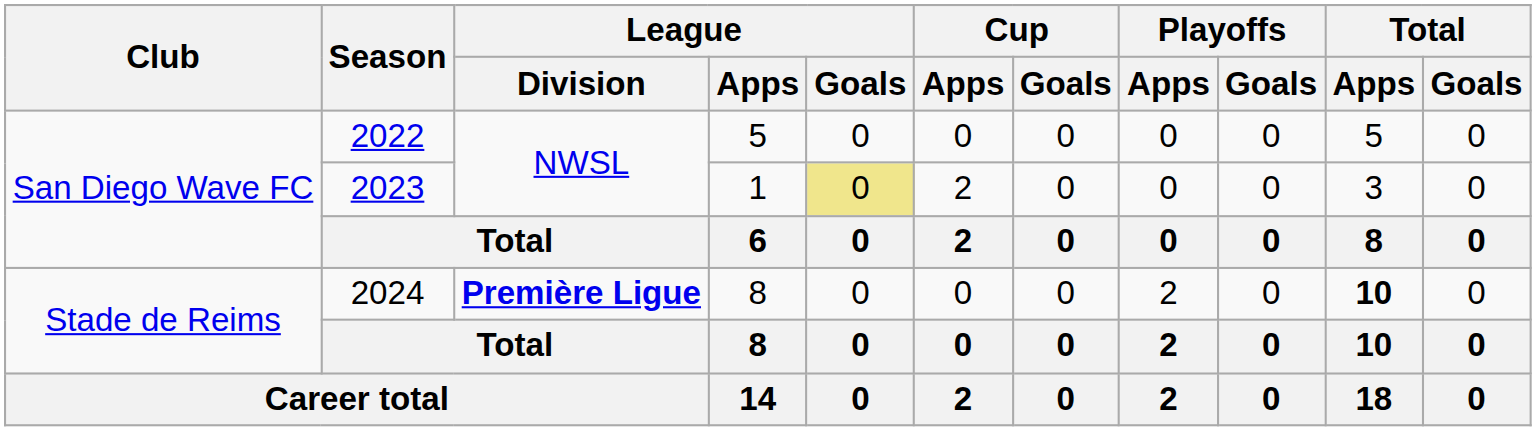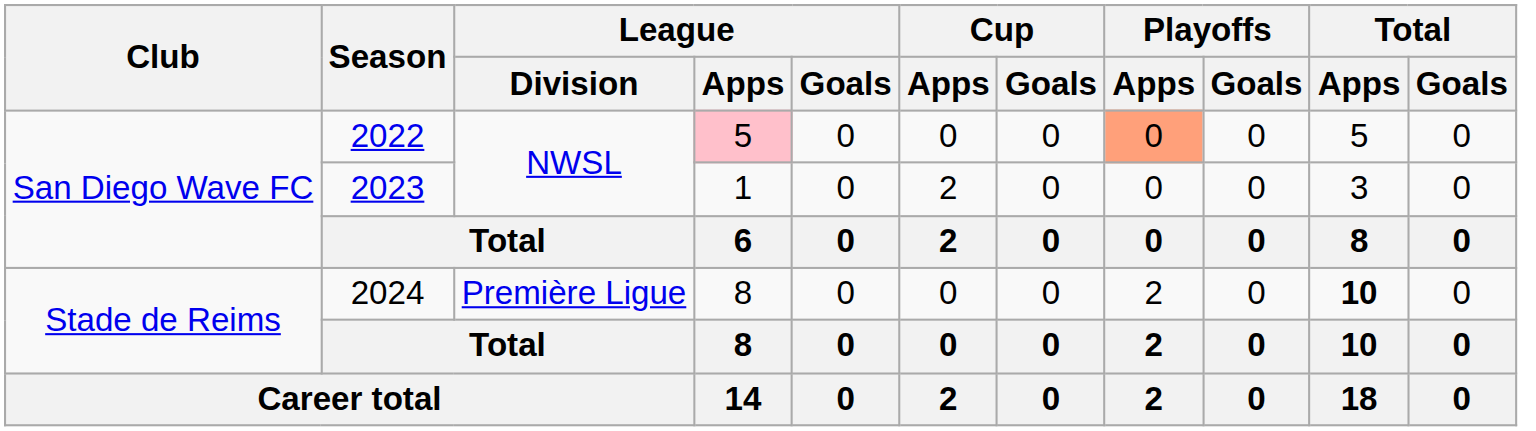 <table class="wikitable" style="text-align: center;">
 <tr>
 <th rowspan="2">Club</th>
 <th rowspan="2">Season</th>
 <th colspan="3">League</th>
 <th colspan="2">Cup</th>
 <th colspan="2">Playoffs</th>
 <th colspan="2">Total</th>
 </tr>
 <tr>
 <th>Division</th>
 <th>Apps</th>
 <th>Goals</th>
 <th>Apps</th>
 <th>Goals</th>
 <th>Apps</th>
 <th>Goals</th>
 <th>Apps</th>
 <th>Goals</th>
 </tr>
 <tr>
 <td rowspan="3"><a href='#'>San Diego Wave FC</a></td>
 <td><a href='#'>2022</a></td>
 <td rowspan="2"><a href='#'>NWSL</a></td>
-<td>5</td>
+<td style="background: pink;">5</td>
 <td>0</td>
 <td>0</td>
 <td>0</td>
-<td>0</td>
+<td style="background: lightsalmon;">0</td>
 <td>0</td>
 <td>5</td>
 <td>0</td>
 </tr>
 <tr>
 <td><a href='#'>2023</a></td>
 <td>1</td>
-<td style="background: khaki;">0</td>
+<td>0</td>
 <td>2</td>
 <td>0</td>
 <td>0</td>
 <td>0</td>
 <td>3</td>
 <td>0</td>
 </tr>
 <tr>
 <th colspan="2">Total</th>
 <th>6</th>
 <th>0</th>
 <th>2</th>
 <th>0</th>
 <th>0</th>
 <th>0</th>
 <th>8</th>
 <th>0</th>
 </tr>
 <tr>
 <td rowspan="2"><a href='#'>Stade de Reims</a></td>
 <td>2024</td>
-<td><strong><a href='#'>Première Ligue</a></strong></td>
+<td><a href='#'>Première Ligue</a></td>
 <td>8</td>
 <td>0</td>
 <td>0</td>
 <td>0</td>
 <td>2</td>
 <td>0</td>
 <td><strong>10</strong></td>
 <td>0</td>
 </tr>
 <tr>
 <th colspan="2">Total</th>
 <th>8</th>
 <th>0</th>
 <th>0</th>
 <th>0</th>
 <th>2</th>
 <th>0</th>
 <th>10</th>
 <th>0</th>
 </tr>
 <tr>
 <th colspan="3">Career total</th>
 <th>14</th>
 <th>0</th>
 <th>2</th>
 <th>0</th>
 <th>2</th>
 <th>0</th>
 <th>18</th>
 <th>0</th>
 </tr>
 </table>
